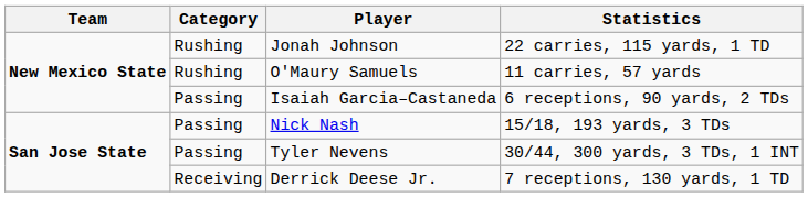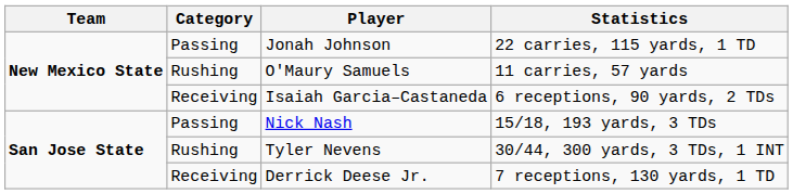 <table class="wikitable" style="float: left;">
 <tr>
 <th>Team</th>
 <th>Category</th>
 <th>Player</th>
 <th>Statistics</th>
 </tr>
 <tr>
 <td rowspan=3><strong>New Mexico State</strong></td>
-<td>Rushing</td>
+<td>Passing</td>
 <td>Jonah Johnson</td>
 <td>22 carries, 115 yards, 1 TD</td>
 </tr>
 <tr>
 <td>Rushing</td>
 <td>O'Maury Samuels</td>
 <td>11 carries, 57 yards</td>
 </tr>
 <tr>
-<td>Passing</td>
+<td>Receiving</td>
 <td>Isaiah Garcia–Castaneda</td>
 <td>6 receptions, 90 yards, 2 TDs</td>
 </tr>
 <tr>
 <td rowspan=3><strong>San Jose State</strong></td>
 <td>Passing</td>
 <td><a href='#'>Nick Nash</a></td>
 <td>15/18, 193 yards, 3 TDs</td>
 </tr>
 <tr>
-<td>Passing</td>
+<td>Rushing</td>
 <td>Tyler Nevens</td>
 <td>30/44, 300 yards, 3 TDs, 1 INT</td>
 </tr>
 <tr>
 <td>Receiving</td>
 <td>Derrick Deese Jr.</td>
 <td>7 receptions, 130 yards, 1 TD</td>
 </tr>
 </table>
